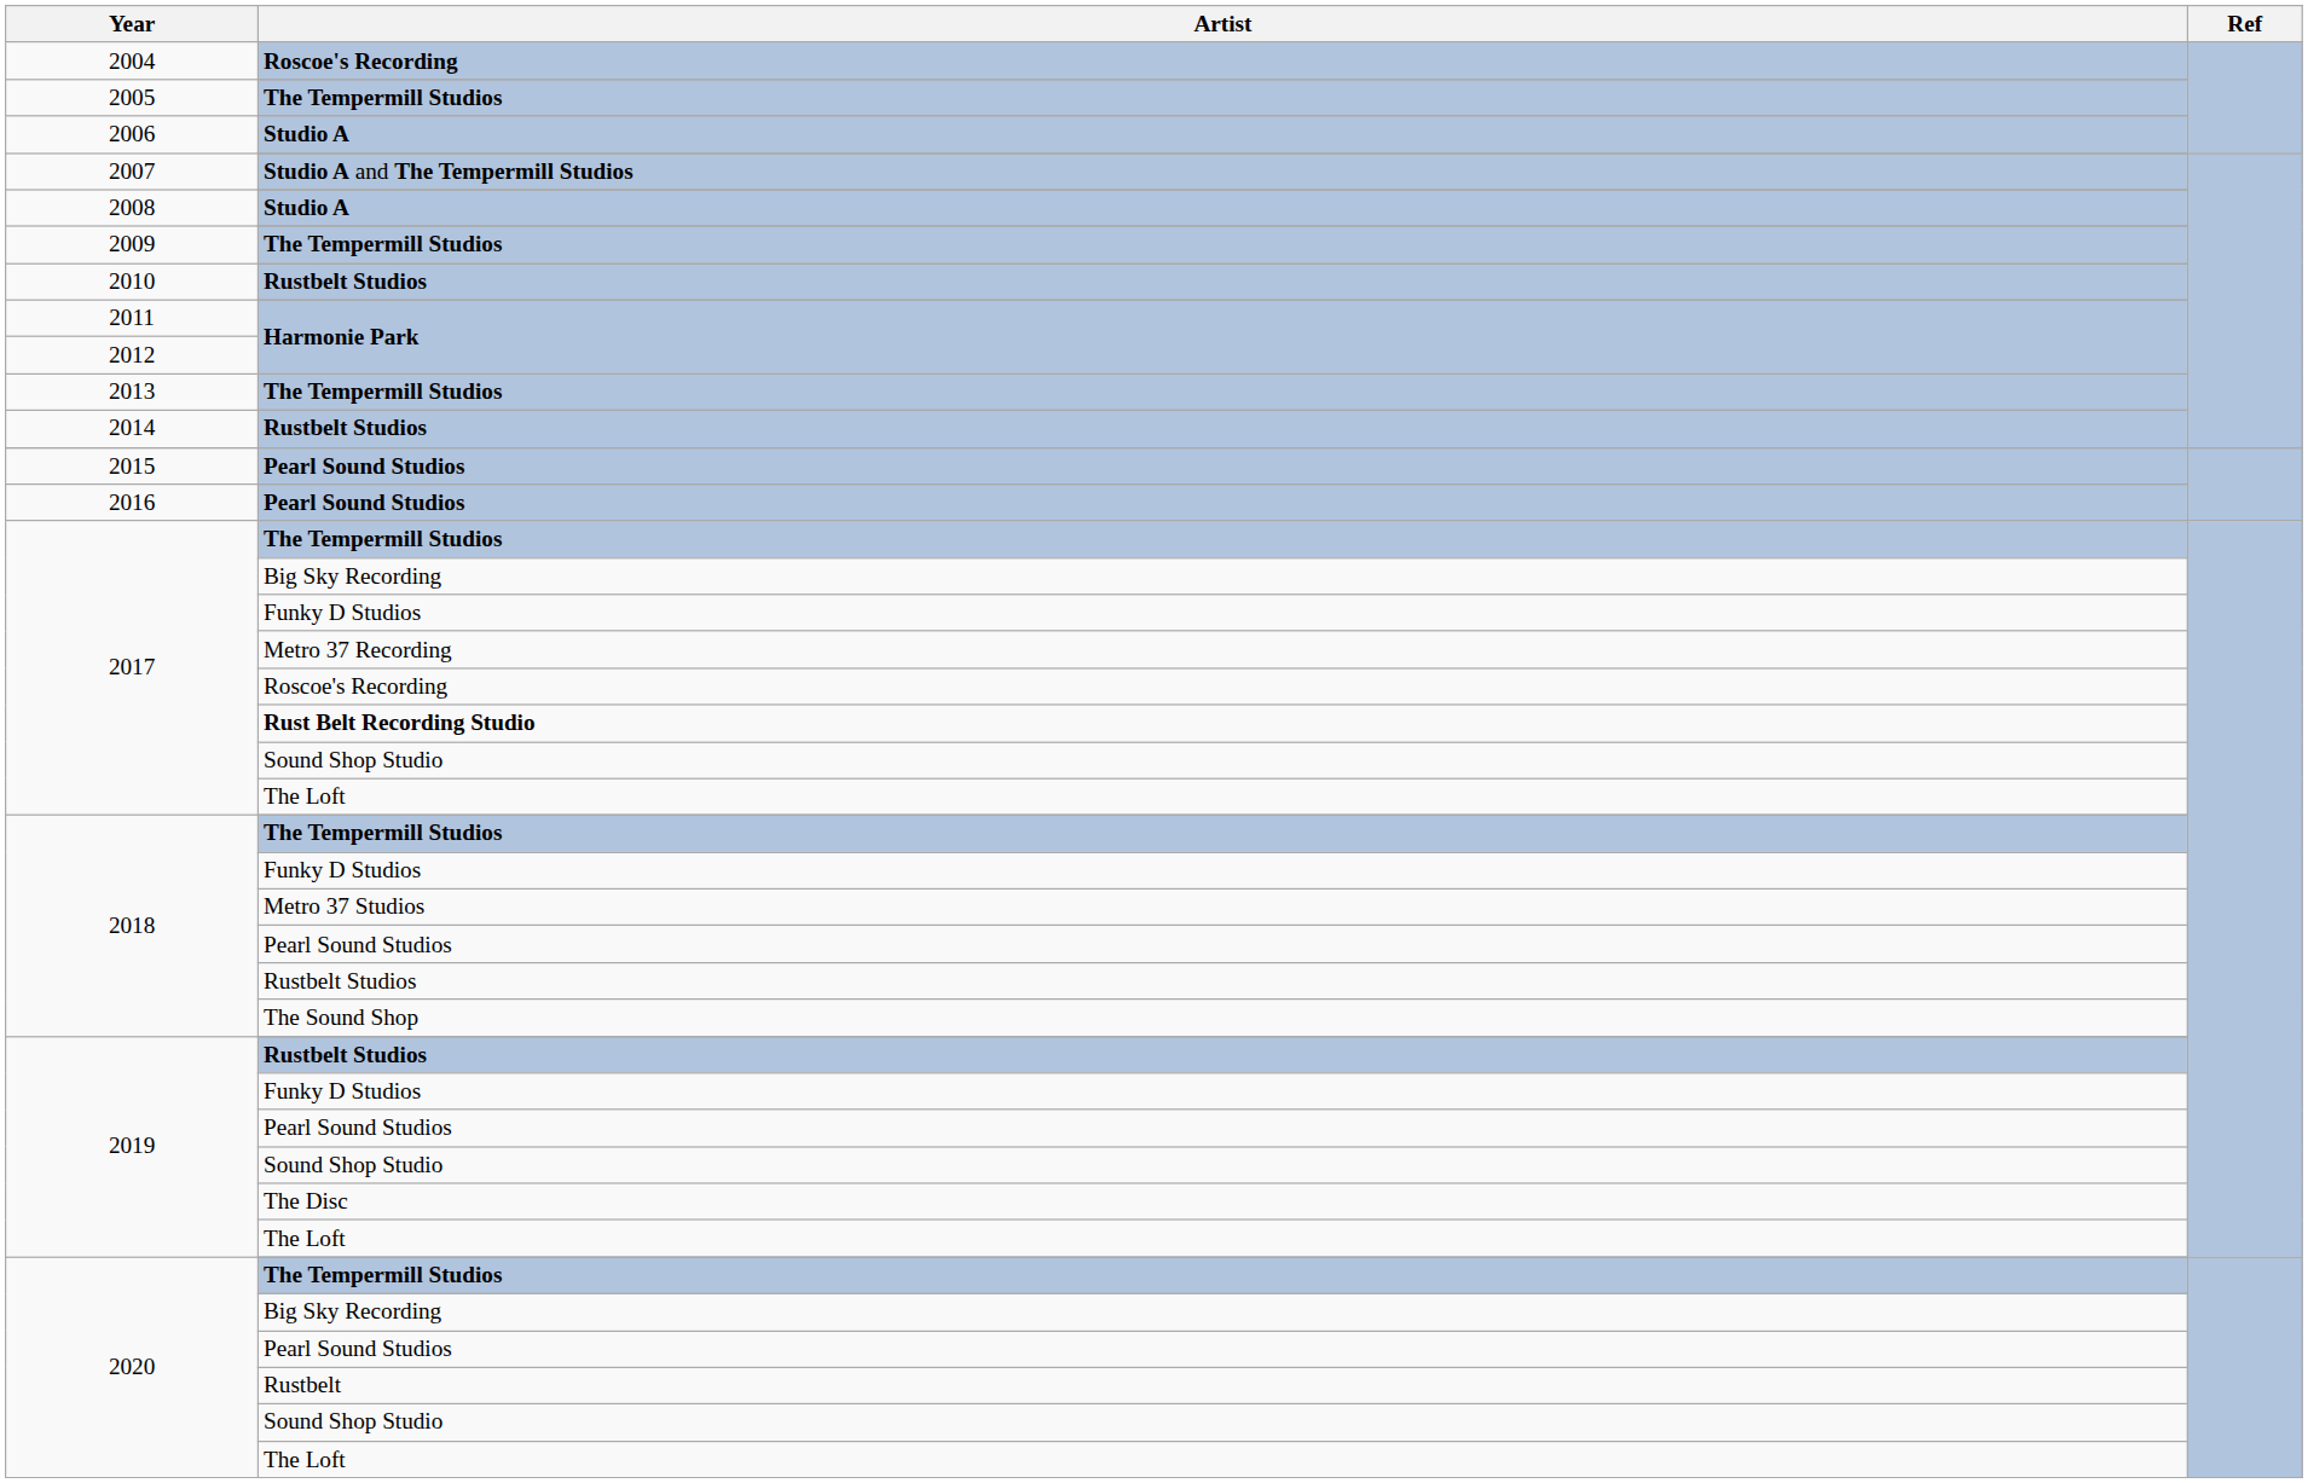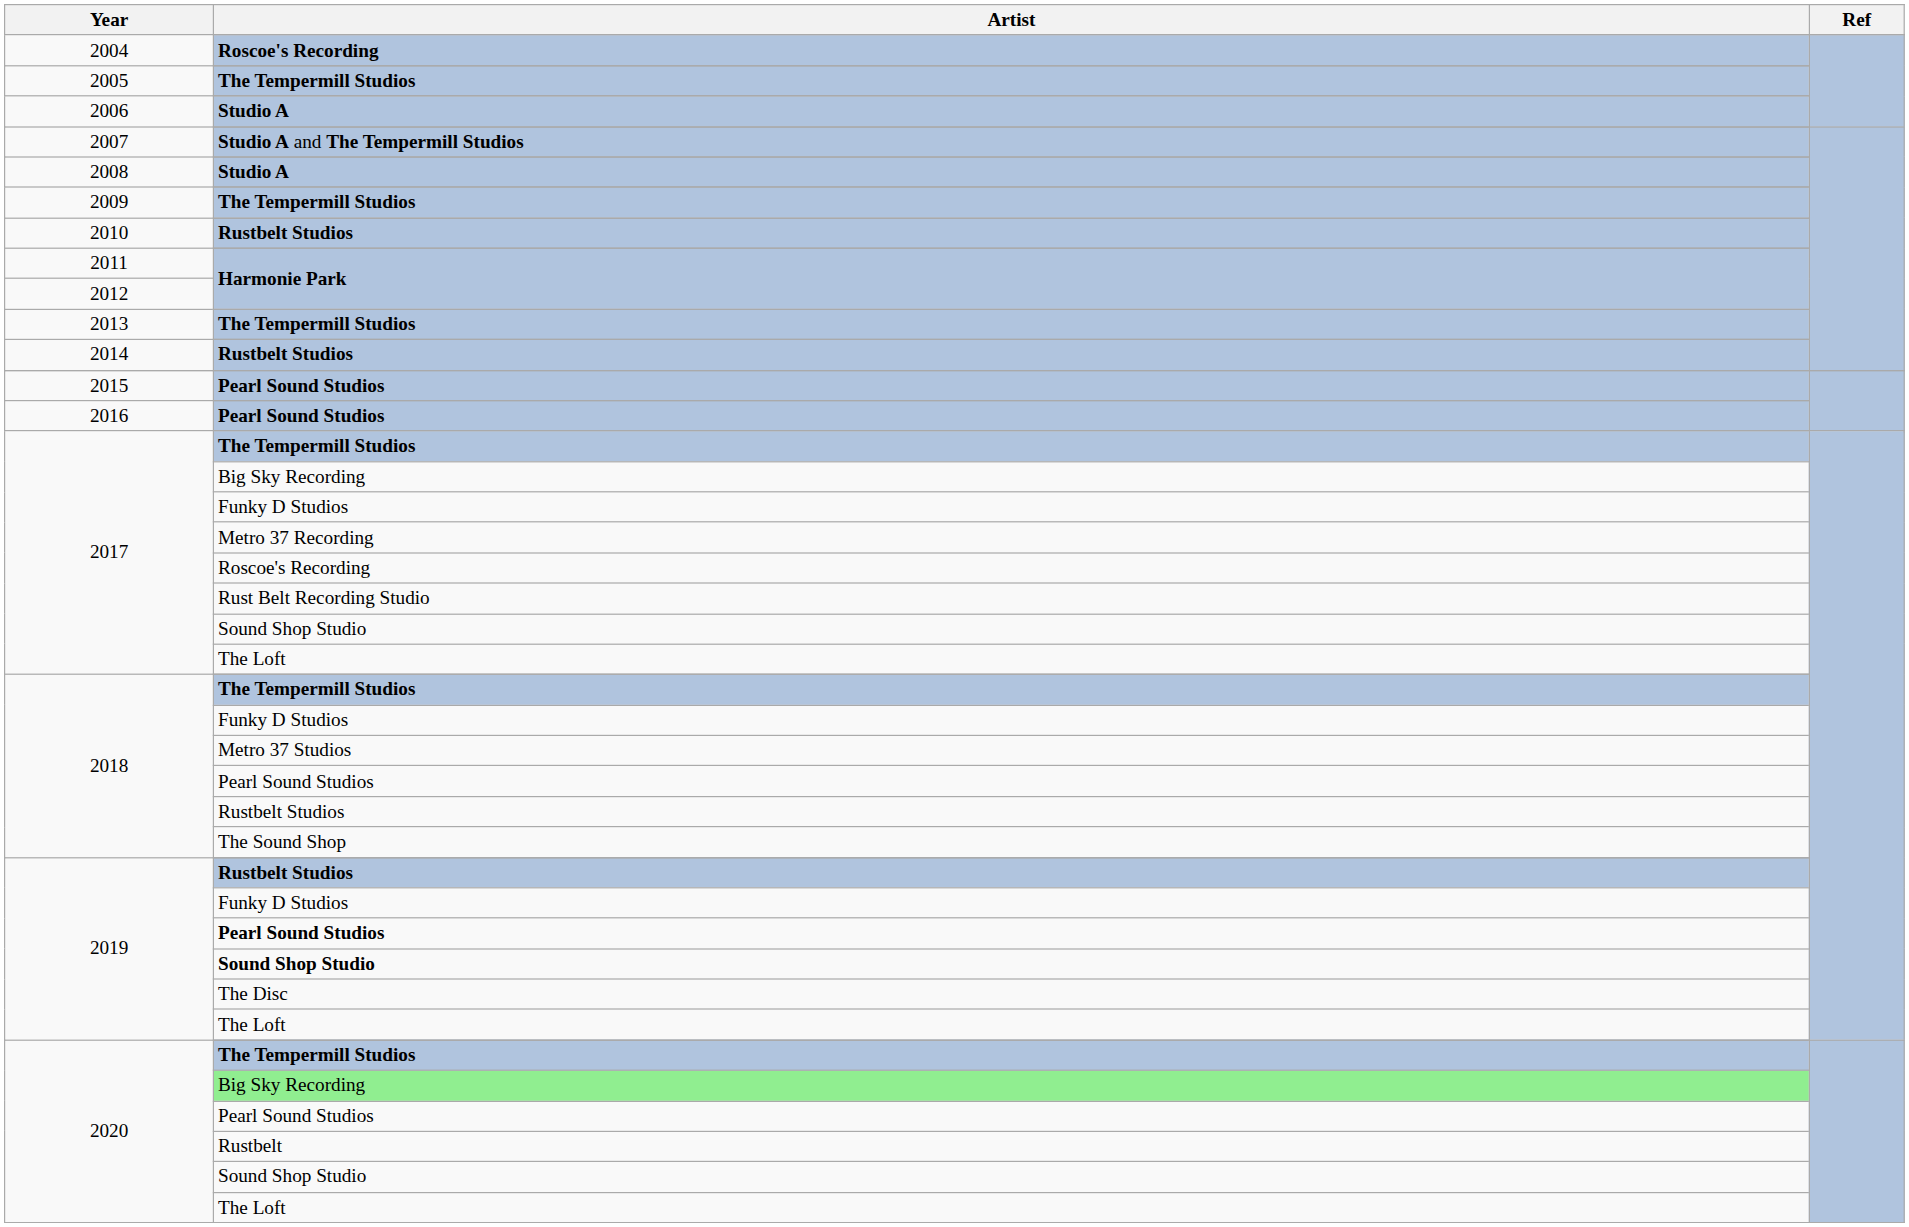 <table class="wikitable" style="width:100%;">
 <tr>
 <th style="width:11%;">Year</th>
 <th style="width:84%;">Artist</th>
 <th style="width:5%;">Ref</th>
 </tr>
 <tr>
 <td rowspan="2" align="center">2004</td>
 </tr>
 <tr style="background:#B0C4DE">
 <td><strong>Roscoe's Recording</strong></td>
 <td rowspan="6"></td>
 </tr>
 <tr>
 <td rowspan="2" align="center">2005</td>
 </tr>
 <tr style="background:#B0C4DE">
 <td><strong>The Tempermill Studios</strong></td>
 </tr>
 <tr>
 <td rowspan="2" align="center">2006</td>
 </tr>
 <tr style="background:#B0C4DE">
 <td><strong>Studio A</strong></td>
 </tr>
 <tr>
 <td rowspan="2" align="center">2007</td>
 </tr>
 <tr style="background:#B0C4DE">
 <td><strong>Studio A</strong> and <strong>The Tempermill Studios</strong></td>
 <td rowspan="14" align="center"></td>
 </tr>
 <tr>
 <td rowspan="2" align="center">2008</td>
 </tr>
 <tr style="background:#B0C4DE">
 <td><strong>Studio A</strong></td>
 </tr>
 <tr>
 <td rowspan="2" align="center">2009</td>
 </tr>
 <tr style="background:#B0C4DE">
 <td><strong>The Tempermill Studios</strong></td>
 </tr>
 <tr>
 <td rowspan="2" align="center">2010</td>
 </tr>
 <tr style="background:#B0C4DE">
 <td><strong>Rustbelt Studios</strong></td>
 </tr>
 <tr>
 <td rowspan="2" align="center">2011</td>
 </tr>
 <tr style="background:#B0C4DE">
 <td rowspan="2"><strong>Harmonie Park</strong></td>
 </tr>
 <tr>
 <td align="center">2012</td>
 </tr>
 <tr>
 <td rowspan="2" align="center">2013</td>
 </tr>
 <tr style="background:#B0C4DE">
 <td><strong>The Tempermill Studios</strong></td>
 </tr>
 <tr>
 <td rowspan="2" align="center">2014</td>
 </tr>
 <tr style="background:#B0C4DE">
 <td><strong>Rustbelt Studios</strong></td>
 </tr>
 <tr>
 </tr>
 <tr>
 <td rowspan="2" align="center">2015</td>
 </tr>
 <tr style="background:#B0C4DE">
 <td><strong>Pearl Sound Studios</strong></td>
 <td rowspan="4" align="center"></td>
 </tr>
 <tr>
 <td rowspan="2" align="center">2016</td>
 </tr>
 <tr style="background:#B0C4DE">
 <td><strong>Pearl Sound Studios</strong></td>
 </tr>
 <tr>
 <td rowspan="9" align="center">2017</td>
 </tr>
 <tr style="background:#B0C4DE">
 <td><strong>The Tempermill Studios</strong></td>
 <td rowspan="23" align="center"></td>
 </tr>
 <tr>
 <td>Big Sky Recording</td>
 </tr>
 <tr>
 <td>Funky D Studios</td>
 </tr>
 <tr>
 <td>Metro 37 Recording</td>
 </tr>
 <tr>
 <td>Roscoe's Recording</td>
 </tr>
 <tr>
-<td><strong>Rust Belt Recording Studio</strong></td>
+<td>Rust Belt Recording Studio</td>
 </tr>
 <tr>
 <td>Sound Shop Studio</td>
 </tr>
 <tr>
 <td>The Loft</td>
 </tr>
 <tr>
 <td rowspan="7" align="center">2018</td>
 </tr>
 <tr style="background:#B0C4DE">
 <td><strong>The Tempermill Studios</strong></td>
 </tr>
 <tr>
 <td>Funky D Studios</td>
 </tr>
 <tr>
 <td>Metro 37 Studios</td>
 </tr>
 <tr>
 <td>Pearl Sound Studios</td>
 </tr>
 <tr>
 <td>Rustbelt Studios</td>
 </tr>
 <tr>
 <td>The Sound Shop</td>
 </tr>
 <tr>
 <td rowspan="7" align="center">2019</td>
 </tr>
 <tr style="background:#B0C4DE">
 <td><strong>Rustbelt Studios</strong></td>
 </tr>
 <tr>
 <td>Funky D Studios</td>
 </tr>
 <tr>
-<td>Pearl Sound Studios</td>
+<td><strong>Pearl Sound Studios</strong></td>
 </tr>
 <tr>
-<td>Sound Shop Studio</td>
+<td><strong>Sound Shop Studio</strong></td>
 </tr>
 <tr>
 <td>The Disc</td>
 </tr>
 <tr>
 <td>The Loft</td>
 </tr>
 <tr>
 <td rowspan="7" align="center">2020</td>
 </tr>
 <tr style="background:#B0C4DE">
 <td><strong>The Tempermill Studios</strong></td>
 <td rowspan="6" align="center"></td>
 </tr>
 <tr>
-<td>Big Sky Recording</td>
+<td style="background: lightgreen;">Big Sky Recording</td>
 </tr>
 <tr>
 <td>Pearl Sound Studios</td>
 </tr>
 <tr>
 <td>Rustbelt</td>
 </tr>
 <tr>
 <td>Sound Shop Studio</td>
 </tr>
 <tr>
 <td>The Loft</td>
 </tr>
 <tr>
 </tr>
 </table>
